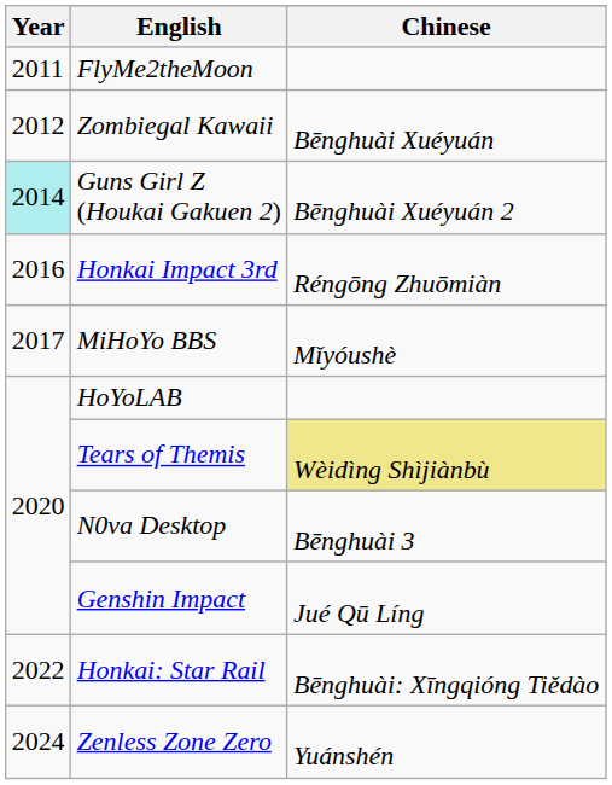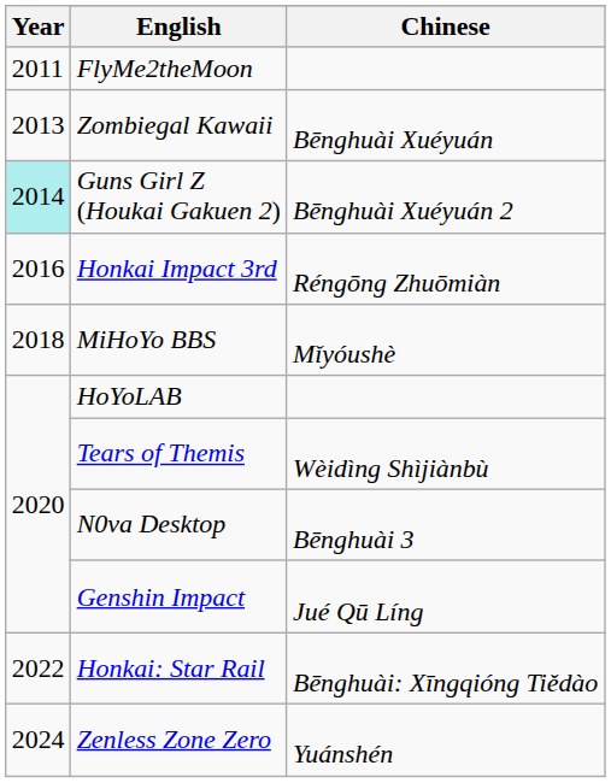 <table class="wikitable">
 <tr>
 <th rowspan=2 style="text-align:center">Year</th>
 </tr>
 <tr>
 <th style="text-align:center">English</th>
 <th style="text-align:center">Chinese</th>
 </tr>
 <tr>
 <td>2011</td>
 <td><em>FlyMe2theMoon</em></td>
 <td></td>
 </tr>
 <tr>
-<td>2012</td>
+<td>2013</td>
 <td><em>Zombiegal Kawaii</em></td>
 <td><br><em>Bēnghuài Xuéyuán</em></td>
 </tr>
 <tr>
 <td style="background: paleturquoise;">2014</td>
 <td><em>Guns Girl Z</em><br>(<em>Houkai Gakuen 2</em>)</td>
 <td><br><em>Bēnghuài Xuéyuán 2</em></td>
 </tr>
 <tr>
 <td>2016</td>
 <td><em><a href='#'>Honkai Impact 3rd</a></em></td>
 <td><br><em>Réngōng Zhuōmiàn</em></td>
 </tr>
 <tr>
-<td>2017</td>
+<td>2018</td>
 <td><em>MiHoYo BBS</em></td>
 <td><br><em>Mǐyóushè</em></td>
 </tr>
 <tr>
 <td rowspan=4>2020</td>
 <td><em>HoYoLAB</em></td>
 <td></td>
 </tr>
 <tr>
 <td><em><a href='#'>Tears of Themis</a></em></td>
-<td style="background: khaki;"><br><em>Wèidìng Shìjiànbù</em></td>
+<td><br><em>Wèidìng Shìjiànbù</em></td>
 </tr>
 <tr>
 <td><em>N0va Desktop</em></td>
 <td><br><em>Bēnghuài 3</em></td>
 </tr>
 <tr>
 <td><em><a href='#'>Genshin Impact</a></em></td>
 <td><br><em>Jué Qū Líng</em></td>
 </tr>
 <tr>
 <td>2022</td>
 <td><em><a href='#'>Honkai: Star Rail</a></em></td>
 <td><br><em>Bēnghuài: Xīngqióng Tiědào</em></td>
 </tr>
 <tr>
 <td>2024</td>
 <td><em><a href='#'>Zenless Zone Zero</a></em></td>
 <td><br><em>Yuánshén</em></td>
 </tr>
 </table>
